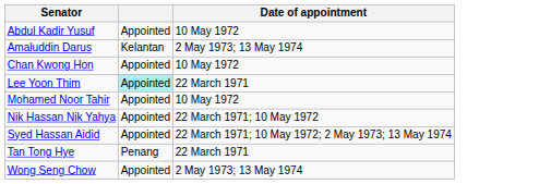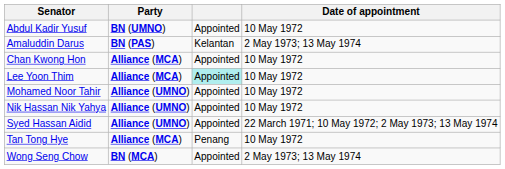 <table class="wikitable sortable">
 <tr>
 <th>Senator</th>
+<th>Party</th>
 <th></th>
 <th>Date of appointment</th>
 </tr>
 <tr>
 <td><a href='#'>Abdul Kadir Yusuf</a></td>
+<td><strong><a href='#'>BN</a></strong> (<strong><a href='#'>UMNO</a></strong>)</td>
 <td>Appointed</td>
 <td>10 May 1972</td>
 </tr>
 <tr>
 <td><a href='#'>Amaluddin Darus</a></td>
+<td><strong><a href='#'>BN</a></strong> (<strong><a href='#'>PAS</a></strong>)</td>
 <td>Kelantan</td>
 <td>2 May 1973; 13 May 1974</td>
 </tr>
 <tr>
 <td><a href='#'>Chan Kwong Hon</a></td>
+<td><strong><a href='#'>Alliance</a></strong> (<strong><a href='#'>MCA</a></strong>)</td>
 <td>Appointed</td>
 <td>10 May 1972</td>
 </tr>
 <tr>
 <td><a href='#'>Lee Yoon Thim</a></td>
+<td><strong><a href='#'>Alliance</a></strong> (<strong><a href='#'>MCA</a></strong>)</td>
 <td style="background: paleturquoise;">Appointed</td>
-<td>22 March 1971</td>
+<td>10 May 1972</td>
 </tr>
 <tr>
 <td><a href='#'>Mohamed Noor Tahir</a></td>
+<td><strong><a href='#'>Alliance</a></strong> (<strong><a href='#'>UMNO</a></strong>)</td>
 <td>Appointed</td>
 <td>10 May 1972</td>
 </tr>
 <tr>
 <td><a href='#'>Nik Hassan Nik Yahya</a></td>
+<td><strong><a href='#'>Alliance</a></strong> (<strong><a href='#'>UMNO</a></strong>)</td>
 <td>Appointed</td>
-<td>22 March 1971; 10 May 1972</td>
+<td>10 May 1972</td>
 </tr>
 <tr>
 <td><a href='#'>Syed Hassan Aidid</a></td>
+<td><strong><a href='#'>Alliance</a></strong> (<strong><a href='#'>UMNO</a></strong>)</td>
 <td>Appointed</td>
 <td>22 March 1971; 10 May 1972; 2 May 1973; 13 May 1974</td>
 </tr>
 <tr>
 <td><a href='#'>Tan Tong Hye</a></td>
+<td><strong><a href='#'>Alliance</a></strong> (<strong><a href='#'>MCA</a></strong>)</td>
 <td>Penang</td>
-<td>22 March 1971</td>
+<td>10 May 1972</td>
 </tr>
 <tr>
 <td><a href='#'>Wong Seng Chow</a></td>
+<td><strong><a href='#'>BN</a></strong> (<strong><a href='#'>MCA</a></strong>)</td>
 <td>Appointed</td>
 <td>2 May 1973; 13 May 1974</td>
 </tr>
 </table>
